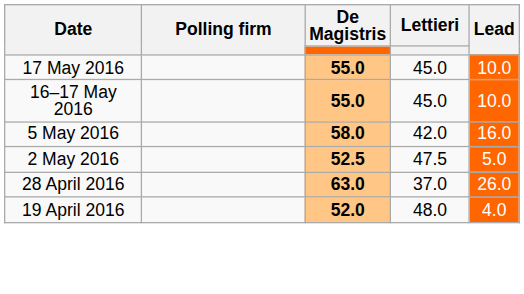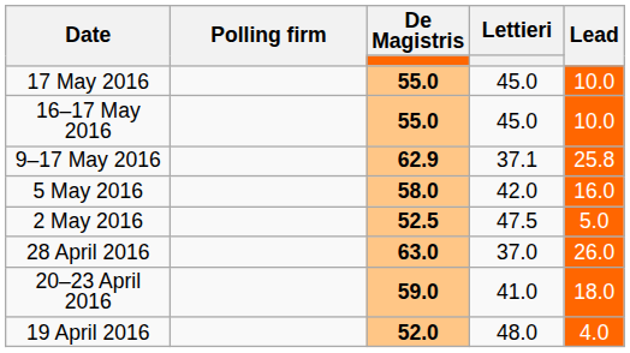 <table class=wikitable style="text-align:center;font-size:85%;line-height:13px">
 <tr style="height:30px; background-color:#E9E9E9">
 <th style="width:100px;" rowspan="2">Date</th>
 <th style="width:120px;" rowspan="2">Polling firm</th>
 <th style="width:55px;">De Magistris</th>
 <th style="width:55px;">Lettieri</th>
 <th style="width:30px;" rowspan="2">Lead</th>
 </tr>
 <tr>
 <th style="background:#FF6600;"></th>
 <th style="background:"></th>
 </tr>
 <tr>
 <td>17 May 2016</td>
 <td></td>
 <td style="background:#FFC686"><strong>55.0</strong></td>
 <td>45.0</td>
 <td style="background:#FF6600; color:white;">10.0</td>
 </tr>
 <tr>
 <td>16–17 May 2016</td>
 <td></td>
 <td style="background:#FFC686"><strong>55.0</strong></td>
 <td>45.0</td>
 <td style="background:#FF6600; color:white;">10.0</td>
 </tr>
 <tr>
+<td>9–17 May 2016</td>
+<td></td>
+<td style="background:#FFC686"><strong>62.9</strong></td>
+<td>37.1</td>
+<td style="background:#FF6600; color:white;">25.8</td>
+</tr>
+<tr>
 <td>5 May 2016</td>
 <td></td>
 <td style="background:#FFC686"><strong>58.0</strong></td>
 <td>42.0</td>
 <td style="background:#FF6600; color:white;">16.0</td>
 </tr>
 <tr>
 <td>2 May 2016</td>
 <td></td>
 <td style="background:#FFC686"><strong>52.5</strong></td>
 <td>47.5</td>
 <td style="background:#FF6600; color:white;">5.0</td>
 </tr>
 <tr>
 <td>28 April 2016</td>
 <td></td>
 <td style="background:#FFC686"><strong>63.0</strong></td>
 <td>37.0</td>
 <td style="background:#FF6600; color:white;">26.0</td>
 </tr>
 <tr>
+<td>20–23 April 2016</td>
+<td></td>
+<td style="background:#FFC686"><strong>59.0</strong></td>
+<td>41.0</td>
+<td style="background:#FF6600; color:white;">18.0</td>
+</tr>
+<tr>
 <td>19 April 2016</td>
 <td></td>
 <td style="background:#FFC686"><strong>52.0</strong></td>
 <td>48.0</td>
 <td style="background:#FF6600; color:white;">4.0</td>
 </tr>
 </table>
